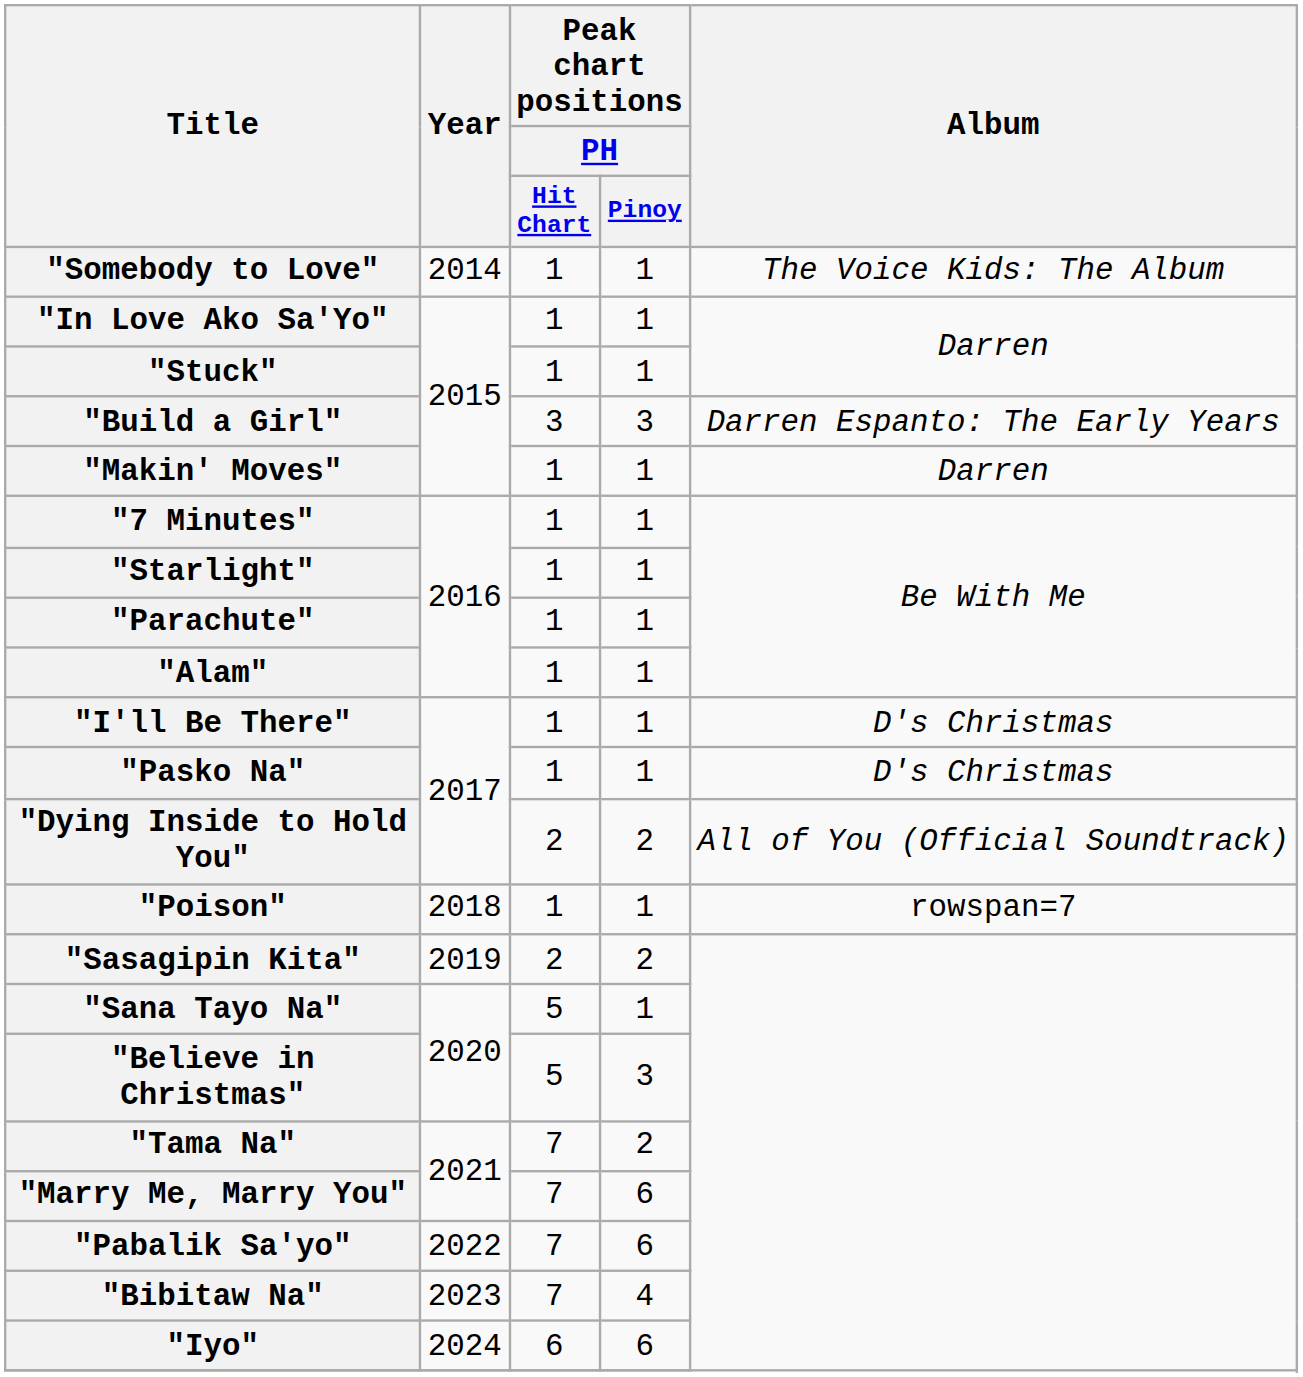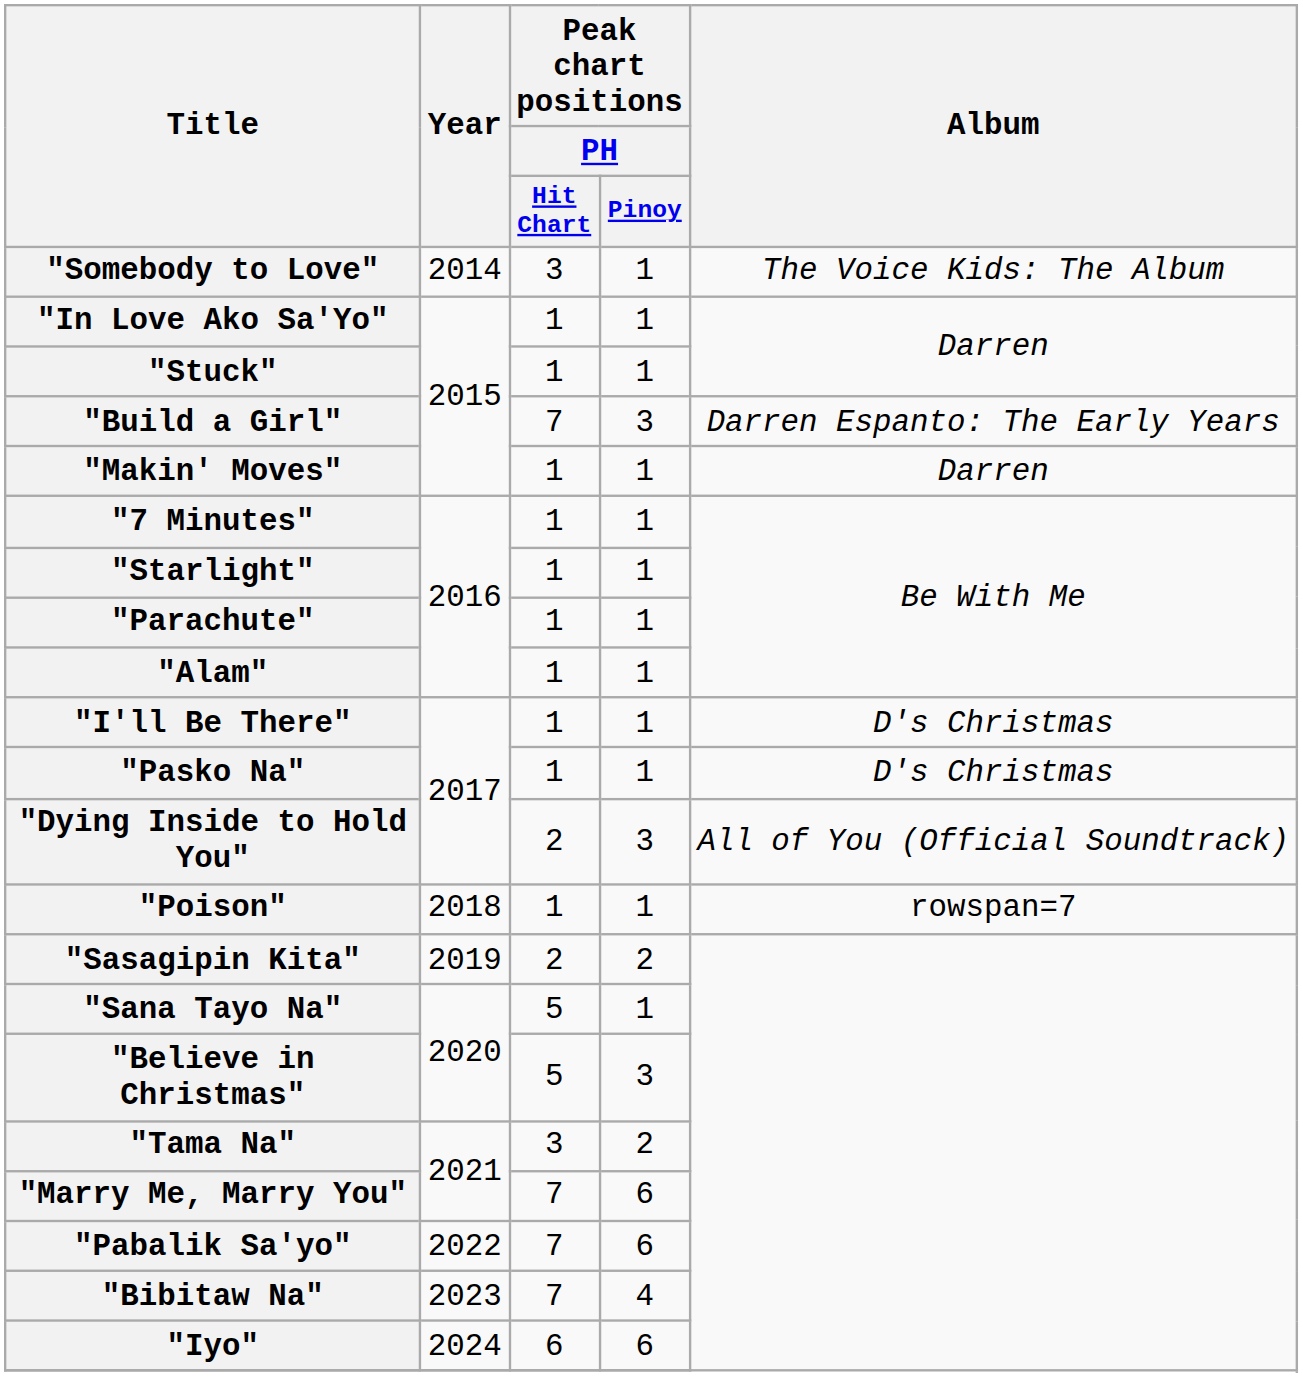 <table class="wikitable plainrowheaders" style="text-align:center;">
 <tr>
 <th scope="col" rowspan="3" style="width:13em;">Title</th>
 <th scope="col" rowspan="3">Year</th>
 <th scope="col" colspan="2">Peak chart positions</th>
 <th scope="col" rowspan="3">Album</th>
 </tr>
 <tr>
 <th colspan="2"><a href='#'>PH</a></th>
 </tr>
 <tr>
 <th scope="col" style="width:3em;font-size:80%;"><a href='#'>Hit Chart</a></th>
 <th scope="col" style="width:3em;font-size:80%;"><a href='#'>Pinoy</a></th>
 </tr>
 <tr>
 <th scope="row">"Somebody to Love"</th>
 <td>2014</td>
-<td>1</td>
+<td>3</td>
 <td>1</td>
 <td><em>The Voice Kids: The Album</em></td>
 </tr>
 <tr>
 <th scope="row">"In Love Ako Sa'Yo"</th>
 <td rowspan=4>2015</td>
 <td>1</td>
 <td>1</td>
 <td rowspan=2><em>Darren</em></td>
 </tr>
 <tr>
 <th scope="row">"Stuck"</th>
 <td>1</td>
 <td>1</td>
 </tr>
 <tr>
 <th scope="row">"Build a Girl"</th>
-<td>3</td>
+<td>7</td>
 <td>3</td>
 <td><em>Darren Espanto: The Early Years</em></td>
 </tr>
 <tr>
 <th scope="row">"Makin' Moves"</th>
 <td>1</td>
 <td>1</td>
 <td><em>Darren</em></td>
 </tr>
 <tr>
 <th scope="row">"7 Minutes"</th>
 <td rowspan=4>2016</td>
 <td>1</td>
 <td>1</td>
 <td rowspan=4><em>Be With Me</em></td>
 </tr>
 <tr>
 <th scope="row">"Starlight"</th>
 <td>1</td>
 <td>1</td>
 </tr>
 <tr>
 <th scope="row">"Parachute"</th>
 <td>1</td>
 <td>1</td>
 </tr>
 <tr>
 <th scope="row">"Alam"</th>
 <td>1</td>
 <td>1</td>
 </tr>
 <tr>
 <th scope="row">"I'll Be There" <br></th>
 <td rowspan=3>2017</td>
 <td>1</td>
 <td>1</td>
 <td><em>D's Christmas</em></td>
 </tr>
 <tr>
 <th scope="row">"Pasko Na"</th>
 <td>1</td>
 <td>1</td>
 <td><em>D's Christmas</em></td>
 </tr>
 <tr>
 <th scope="row">"Dying Inside to Hold You"</th>
 <td>2</td>
-<td>2</td>
+<td>3</td>
 <td><em>All of You (Official Soundtrack)</em></td>
 </tr>
 <tr>
 <th scope="row">"Poison"</th>
 <td>2018</td>
 <td>1</td>
 <td>1</td>
 <td>rowspan=7 </td>
 </tr>
 <tr>
 <th scope="row">"Sasagipin Kita"</th>
 <td>2019</td>
 <td>2</td>
 <td>2</td>
 </tr>
 <tr>
 <th scope="row">"Sana Tayo Na" <br></th>
 <td rowspan=2>2020</td>
 <td>5</td>
 <td>1</td>
 </tr>
 <tr>
 <th scope="row">"Believe in Christmas"</th>
 <td>5</td>
 <td>3</td>
 </tr>
 <tr>
 <th scope="row">"Tama Na"</th>
 <td rowspan=2>2021</td>
-<td>7</td>
+<td>3</td>
 <td>2</td>
 </tr>
 <tr>
 <th scope="row">"Marry Me, Marry You"</th>
 <td>7</td>
 <td>6</td>
 </tr>
 <tr>
 <th scope="row">"Pabalik Sa'yo"</th>
 <td>2022</td>
 <td>7</td>
 <td>6</td>
 </tr>
 <tr>
 <th scope="row">"Bibitaw Na"</th>
 <td>2023</td>
 <td>7</td>
 <td>4</td>
 </tr>
 <tr>
 <th scope="row">"Iyo"</th>
 <td>2024</td>
 <td>6</td>
 <td>6</td>
 </tr>
 <tr>
 </tr>
 </table>
